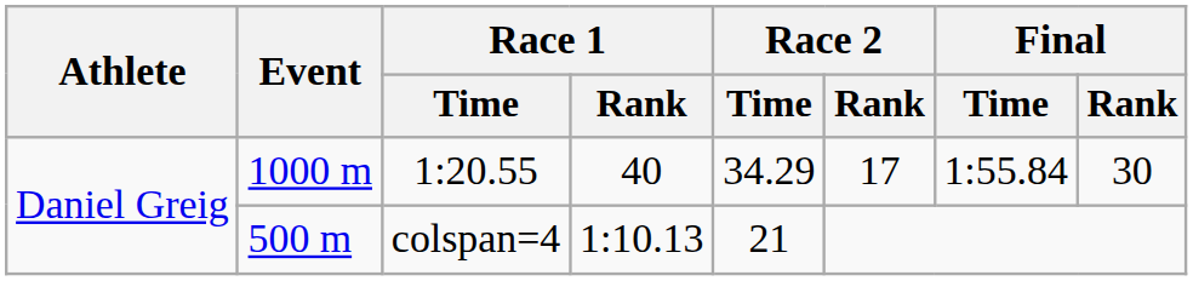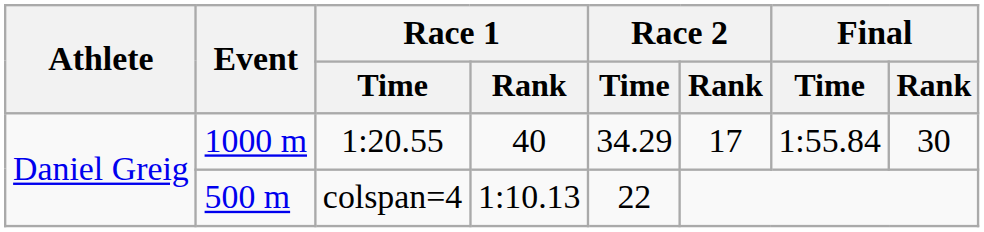 <table class="wikitable" style="font-size:90%">
 <tr>
 <th rowspan=2>Athlete</th>
 <th rowspan=2>Event</th>
 <th colspan=2>Race 1</th>
 <th colspan=2>Race 2</th>
 <th colspan=2>Final</th>
 </tr>
 <tr style="font-size:95%">
 <th>Time</th>
 <th>Rank</th>
 <th>Time</th>
 <th>Rank</th>
 <th>Time</th>
 <th>Rank</th>
 </tr>
 <tr align=center>
 <td align=left rowspan=2><a href='#'>Daniel Greig</a></td>
 <td align=left><a href='#'>1000 m</a></td>
 <td>1:20.55</td>
 <td>40</td>
 <td>34.29</td>
 <td>17</td>
 <td>1:55.84</td>
 <td>30</td>
 </tr>
 <tr align=center>
 <td align=left><a href='#'>500 m</a></td>
 <td>colspan=4 </td>
 <td>1:10.13</td>
-<td>21</td>
+<td>22</td>
 </tr>
 </table>
